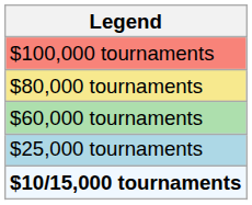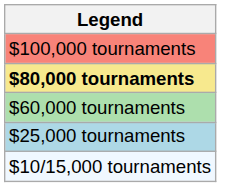 <table class="wikitable" style="font-size:85%">
 <tr>
 <th>Legend</th>
 </tr>
 <tr style="background:#f88379;">
 <td>$100,000 tournaments</td>
 </tr>
 <tr style="background:#f7e98e;">
-<td>$80,000 tournaments</td>
+<td><strong>$80,000 tournaments</strong></td>
 </tr>
 <tr style="background:#addfad;">
 <td>$60,000 tournaments</td>
 </tr>
 <tr style="background:lightblue;">
 <td>$25,000 tournaments</td>
 </tr>
 <tr style="background:#f0f8ff;">
-<td><strong>$10/15,000 tournaments</strong></td>
+<td>$10/15,000 tournaments</td>
 </tr>
 </table>
